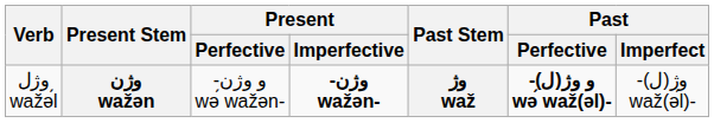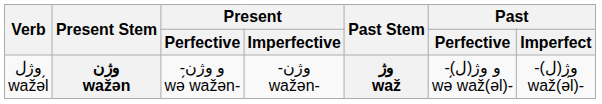 <table class="wikitable" style="text-align: center">
 <tr>
 <th rowspan="2">Verb</th>
 <th rowspan="2">Present Stem</th>
 <th colspan="2">Present</th>
 <th rowspan="2">Past Stem</th>
 <th colspan="2">Past</th>
 </tr>
 <tr>
 <th>Perfective</th>
 <th>Imperfective</th>
 <th>Perfective</th>
 <th>Imperfect</th>
 </tr>
 <tr>
 <td>وژل <br> wažә́l</td>
 <th>وژن<br>wažən</th>
 <td>-و وژن<br> wә́ wažən-</td>
-<td><strong>-وژن<br> wažən-</strong></td>
+<td>-وژن<br> wažən-</td>
 <th>وژ<br>waž</th>
-<td><strong>-(و وژ(ل <br>wә́ waž(əl)-</strong></td>
+<td>-(و وژ(ل <br>wә́ waž(əl)-</td>
 <td>-(وژ(ل <br>waž(ә́l)-</td>
 </tr>
 </table>
